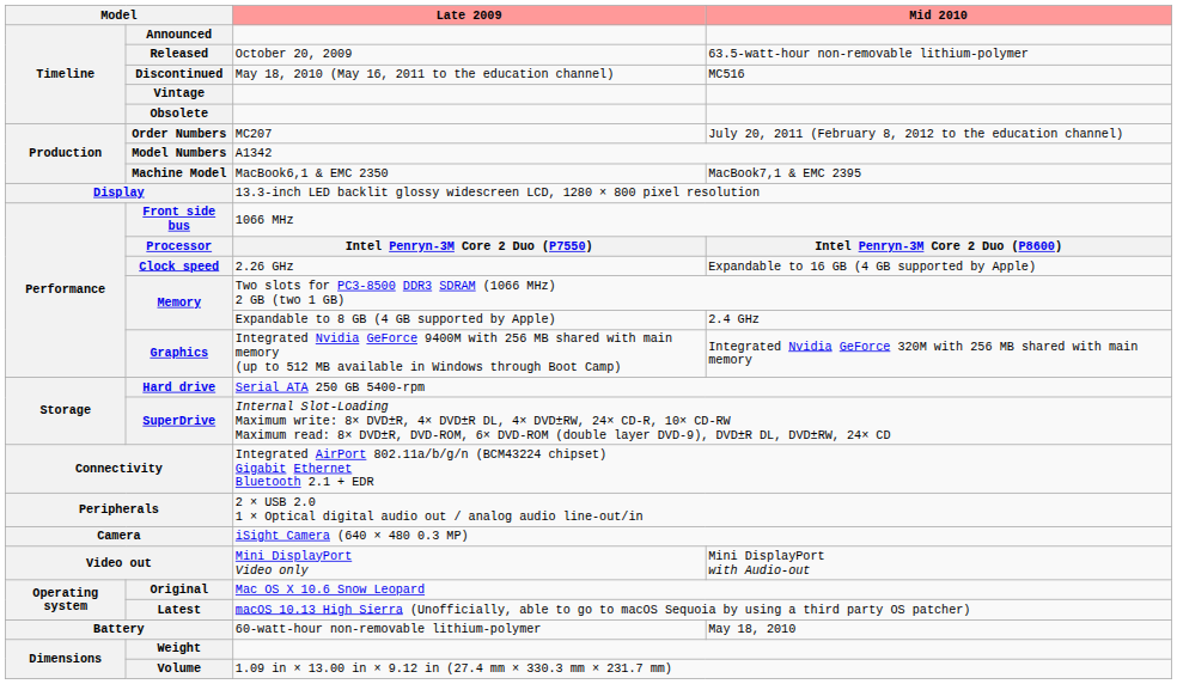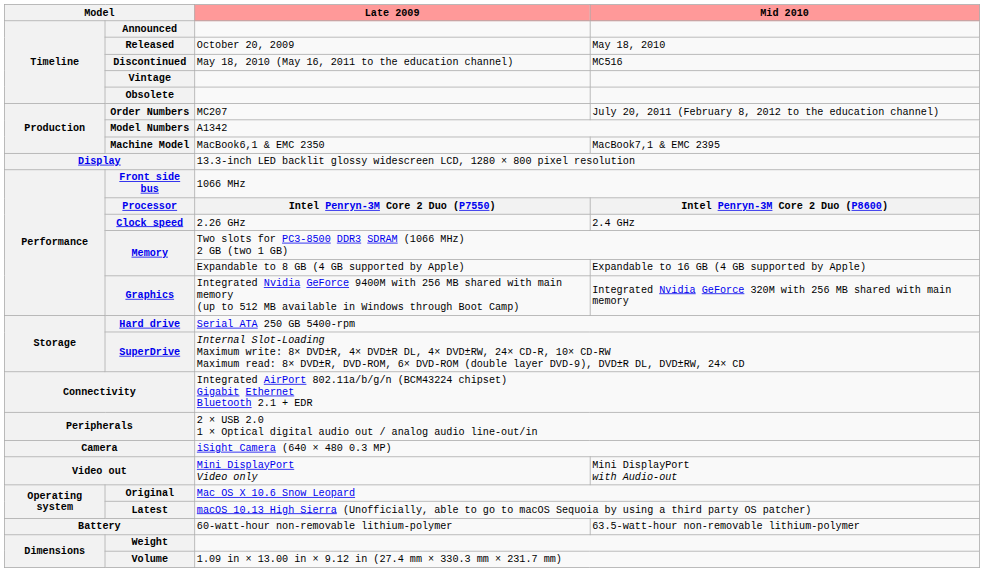 <table class="wikitable mw-collapsible ">
 <tr>
 <th colspan=2>Model</th>
 <th style="background:#F99">Late 2009</th>
 <th style="background:#F99">Mid 2010</th>
 </tr>
 <tr>
 <th rowspan=5>Timeline</th>
 <th>Announced</th>
 <td></td>
 <td></td>
 </tr>
 <tr>
 <th>Released</th>
 <td>October 20, 2009</td>
-<td>63.5-watt-hour non-removable lithium-polymer</td>
+<td>May 18, 2010</td>
 </tr>
 <tr>
 <th>Discontinued</th>
 <td>May 18, 2010 (May 16, 2011 to the education channel)</td>
 <td>MC516</td>
 </tr>
 <tr>
 <th>Vintage</th>
 <td></td>
 <td></td>
 </tr>
 <tr>
 <th>Obsolete</th>
 <td></td>
 <td></td>
 </tr>
 <tr>
 <th rowspan=3>Production</th>
 <th>Order Numbers</th>
 <td>MC207</td>
 <td>July 20, 2011 (February 8, 2012 to the education channel)</td>
 </tr>
 <tr>
 <th>Model Numbers</th>
 <td colspan=2>A1342</td>
 </tr>
 <tr>
 <th>Machine Model</th>
 <td>MacBook6,1 & EMC 2350</td>
 <td>MacBook7,1 & EMC 2395</td>
 </tr>
 <tr>
 <th colspan=2><a href='#'>Display</a></th>
 <td colspan=2>13.3-inch LED backlit glossy widescreen LCD, 1280 × 800 pixel resolution</td>
 </tr>
 <tr>
 <th rowspan=6>Performance</th>
 <th><a href='#'>Front side bus</a></th>
 <td colspan=2>1066 MHz</td>
 </tr>
 <tr>
 <th><a href='#'>Processor</a></th>
 <th>Intel <a href='#'>Penryn-3M</a> Core 2 Duo (<a href='#'>P7550</a>)</th>
 <th>Intel <a href='#'>Penryn-3M</a> Core 2 Duo (<a href='#'>P8600</a>)</th>
 </tr>
 <tr>
 <th><a href='#'>Clock speed</a></th>
 <td>2.26 GHz</td>
-<td>Expandable to 16 GB (4 GB supported by Apple)</td>
+<td>2.4 GHz</td>
 </tr>
 <tr>
 <th rowspan=2><a href='#'>Memory</a></th>
 <td colspan=2>Two slots for <a href='#'>PC3-8500</a> <a href='#'>DDR3</a> <a href='#'>SDRAM</a> (1066 MHz)<br>2 GB (two 1 GB)</td>
 </tr>
 <tr>
 <td>Expandable to 8 GB (4 GB supported by Apple)</td>
-<td>2.4 GHz</td>
+<td>Expandable to 16 GB (4 GB supported by Apple)</td>
 </tr>
 <tr>
 <th><a href='#'>Graphics</a></th>
 <td>Integrated <a href='#'>Nvidia</a> <a href='#'>GeForce</a> 9400M with 256 MB shared with main memory<br>(up to 512 MB available in Windows through Boot Camp)</td>
 <td>Integrated <a href='#'>Nvidia</a> <a href='#'>GeForce</a> 320M with 256 MB shared with main memory</td>
 </tr>
 <tr>
 <th rowspan=2>Storage</th>
 <th><a href='#'>Hard drive</a></th>
 <td colspan=2><a href='#'>Serial ATA</a> 250 GB 5400-rpm </td>
 </tr>
 <tr>
 <th><a href='#'>SuperDrive</a></th>
 <td colspan=2><em>Internal Slot-Loading</em><br>Maximum write: 8× DVD±R, 4× DVD±R DL, 4× DVD±RW, 24× CD-R, 10× CD-RW<br>Maximum read: 8× DVD±R, DVD-ROM, 6× DVD-ROM (double layer DVD-9), DVD±R DL, DVD±RW, 24× CD</td>
 </tr>
 <tr>
 <th colspan=2>Connectivity</th>
 <td colspan=2>Integrated <a href='#'>AirPort</a> 802.11a/b/g/n (BCM43224 chipset)<br><a href='#'>Gigabit</a> <a href='#'>Ethernet</a><br><a href='#'>Bluetooth</a> 2.1 + EDR</td>
 </tr>
 <tr>
 <th colspan=2>Peripherals</th>
 <td colspan=2>2 × USB 2.0<br>1 × Optical digital audio out / analog audio line-out/in</td>
 </tr>
 <tr>
 <th colspan=2>Camera</th>
 <td colspan=2><a href='#'>iSight Camera</a> (640 × 480 0.3 MP)</td>
 </tr>
 <tr>
 <th colspan=2>Video out</th>
 <td><a href='#'>Mini DisplayPort</a><br><em>Video only</em></td>
 <td>Mini DisplayPort<br><em>with Audio-out</em></td>
 </tr>
 <tr>
 <th rowspan=2>Operating system</th>
 <th>Original</th>
 <td colspan=2><a href='#'>Mac OS X 10.6 Snow Leopard</a></td>
 </tr>
 <tr>
 <th>Latest</th>
 <td colspan=2><a href='#'>macOS 10.13 High Sierra</a> (Unofficially, able to go to macOS Sequoia by using a third party OS patcher)</td>
 </tr>
 <tr>
 <th colspan=2>Battery</th>
 <td>60-watt-hour non-removable lithium-polymer</td>
-<td>May 18, 2010</td>
+<td>63.5-watt-hour non-removable lithium-polymer</td>
 </tr>
 <tr>
 <th rowspan=2>Dimensions</th>
 <th>Weight</th>
 <td colspan=2></td>
 </tr>
 <tr>
 <th>Volume</th>
 <td colspan=2>1.09 in × 13.00 in × 9.12 in (27.4 mm × 330.3 mm × 231.7 mm)</td>
 </tr>
 </table>
